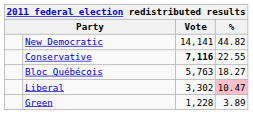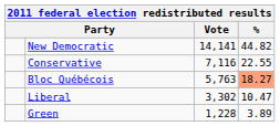 <table class="wikitable">
 <tr>
 <th colspan="4"><a href='#'>2011 federal election</a> redistributed results</th>
 </tr>
 <tr>
 <th bgcolor="#DDDDFF" width="130px" colspan="2">Party</th>
 <th bgcolor="#DDDDFF" width="50px">Vote</th>
 <th bgcolor="#DDDDFF" width="30px">%</th>
 </tr>
 <tr>
 <td> </td>
 <td><a href='#'>New Democratic</a></td>
 <td align=right>14,141</td>
 <td align=right>44.82</td>
 </tr>
 <tr>
 <td> </td>
 <td><a href='#'>Conservative</a></td>
-<td align=right><strong>7,116</strong></td>
+<td align=right>7,116</td>
 <td align=right>22.55</td>
 </tr>
 <tr>
 <td> </td>
 <td><a href='#'>Bloc Québécois</a></td>
 <td align=right>5,763</td>
-<td align=right>18.27</td>
+<td align=right style="background: lightsalmon;">18.27</td>
 </tr>
 <tr>
 <td> </td>
 <td><a href='#'>Liberal</a></td>
 <td align=right>3,302</td>
-<td align=right style="background: pink;">10.47</td>
+<td align=right>10.47</td>
 </tr>
 <tr>
 <td> </td>
 <td><a href='#'>Green</a></td>
 <td align=right>1,228</td>
 <td align=right>3.89</td>
 </tr>
 </table>
